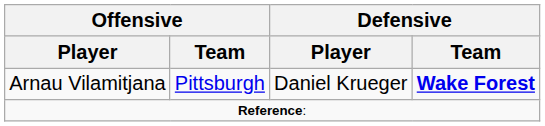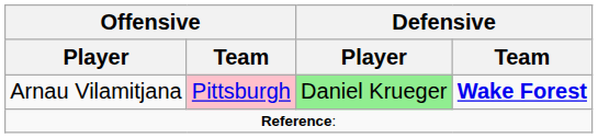 <table class="wikitable" style="text-align: center;">
 <tr>
 <th colspan="2">Offensive</th>
 <th colspan="2">Defensive</th>
 </tr>
 <tr>
 <th>Player</th>
 <th>Team</th>
 <th>Player</th>
 <th>Team</th>
 </tr>
 <tr>
 <td>Arnau Vilamitjana</td>
-<td><a href='#'>Pittsburgh</a></td>
-<td>Daniel Krueger</td>
+<td style="background: pink;"><a href='#'>Pittsburgh</a></td>
+<td style="background: lightgreen;">Daniel Krueger</td>
 <td><strong><a href='#'>Wake Forest</a></strong></td>
 </tr>
 <tr>
 <td colspan="4"  style="font-size:8pt; text-align:center;"><strong>Reference</strong>:</td>
 </tr>
 </table>
